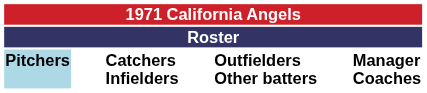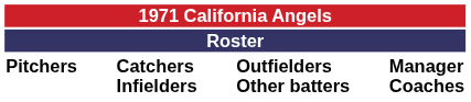 <table class="toccolours" style="font-size: 95%;">
 <tr>
 <th colspan="10" style="background-color: #CE2029; color: white; text-align: center;">1971 California Angels</th>
 </tr>
 <tr>
 <td colspan="10" style="background-color: #333366; color: white; text-align: center;"><strong>Roster</strong></td>
 </tr>
 <tr>
-<td valign="top" style="background: lightblue;"><strong>Pitchers</strong><br>             </td>
+<td valign="top"><strong>Pitchers</strong><br>             </td>
 <td width="25px"></td>
 <td valign="top"><strong>Catchers</strong><br>    <strong>Infielders</strong>        </td>
 <td width="25px"></td>
 <td valign="top"><strong>Outfielders</strong><br>         <strong>Other batters</strong> </td>
 <td width="25px"></td>
 <td valign="top"><strong>Manager</strong><br> <strong>Coaches</strong>    </td>
 </tr>
 </table>
